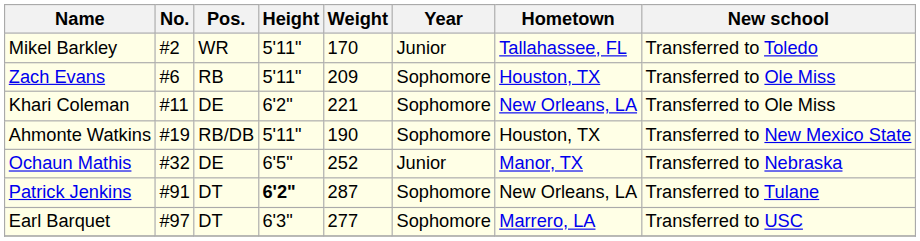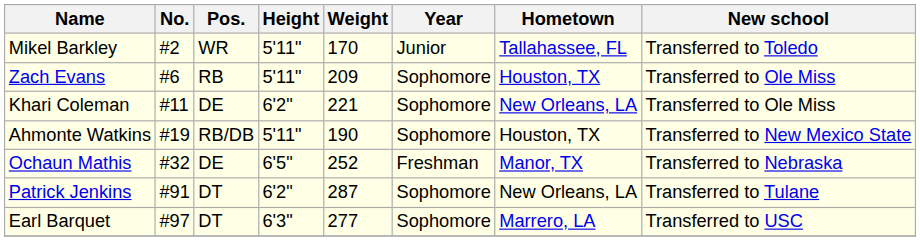 <table class="wikitable sortable">
 <tr>
 <th>Name</th>
 <th>No.</th>
 <th>Pos.</th>
 <th>Height</th>
 <th>Weight</th>
 <th>Year</th>
 <th>Hometown</th>
 <th class="unsortable">New school</th>
 </tr>
 <tr style="background:#FFFFE6;">
 <td>Mikel Barkley</td>
 <td>#2</td>
 <td>WR</td>
 <td>5'11"</td>
 <td>170</td>
 <td>Junior</td>
 <td><a href='#'>Tallahassee, FL</a></td>
 <td>Transferred to <a href='#'>Toledo</a></td>
 </tr>
 <tr style="background:#FFFFE6;">
 <td><a href='#'>Zach Evans</a></td>
 <td>#6</td>
 <td>RB</td>
 <td>5'11"</td>
 <td>209</td>
 <td>Sophomore</td>
 <td><a href='#'>Houston, TX</a></td>
 <td>Transferred to <a href='#'>Ole Miss</a></td>
 </tr>
 <tr style="background:#FFFFE6;">
 <td>Khari Coleman</td>
 <td>#11</td>
 <td>DE</td>
 <td>6'2"</td>
 <td>221</td>
 <td>Sophomore</td>
 <td><a href='#'>New Orleans, LA</a></td>
 <td>Transferred to Ole Miss</td>
 </tr>
 <tr style="background:#FFFFE6;">
 <td>Ahmonte Watkins</td>
 <td>#19</td>
 <td>RB/DB</td>
 <td>5'11"</td>
 <td>190</td>
 <td>Sophomore</td>
 <td>Houston, TX</td>
 <td>Transferred to <a href='#'>New Mexico State</a></td>
 </tr>
 <tr style="background:#FFFFE6;">
 <td><a href='#'>Ochaun Mathis</a></td>
 <td>#32</td>
 <td>DE</td>
 <td>6'5"</td>
 <td>252</td>
-<td> Junior</td>
+<td>Freshman</td>
 <td><a href='#'>Manor, TX</a></td>
 <td>Transferred to <a href='#'>Nebraska</a></td>
 </tr>
 <tr style="background:#FFFFE6;">
 <td><a href='#'>Patrick Jenkins</a></td>
 <td>#91</td>
 <td>DT</td>
-<td><strong>6'2"</strong></td>
+<td>6'2"</td>
 <td>287</td>
 <td>Sophomore</td>
 <td>New Orleans, LA</td>
 <td>Transferred to <a href='#'>Tulane</a></td>
 </tr>
 <tr style="background:#FFFFE6;">
 <td>Earl Barquet</td>
 <td>#97</td>
 <td>DT</td>
 <td>6'3"</td>
 <td>277</td>
 <td>Sophomore</td>
 <td><a href='#'>Marrero, LA</a></td>
 <td>Transferred to <a href='#'>USC</a></td>
 </tr>
 <tr style="background:#FFFFE6;">
 </tr>
 <tr>
 </tr>
 </table>
